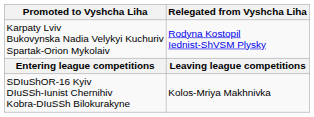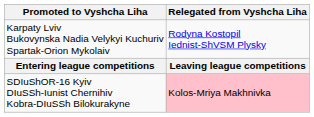 <table class="wikitable">
 <tr>
 <th>Promoted to Vyshcha Liha</th>
 <th>Relegated from Vyshcha Liha</th>
 </tr>
 <tr>
 <td>Karpaty Lviv<br>Bukovynska Nadia Velykyi Kuchuriv<br>Spartak-Orion Mykolaiv</td>
 <td><a href='#'>Rodyna Kostopil</a><br><a href='#'>Iednist-ShVSM Plysky</a> </td>
 </tr>
 <tr>
 <th>Entering league competitions</th>
 <th>Leaving league competitions</th>
 </tr>
 <tr>
 <td>SDIuShOR-16 Kyiv<br>DIuSSh-Iunist Chernihiv<br>Kobra-DIuSSh Bilokurakyne</td>
-<td>Kolos-Mriya Makhnivka </td>
+<td style="background: pink;">Kolos-Mriya Makhnivka </td>
 </tr>
 </table>
